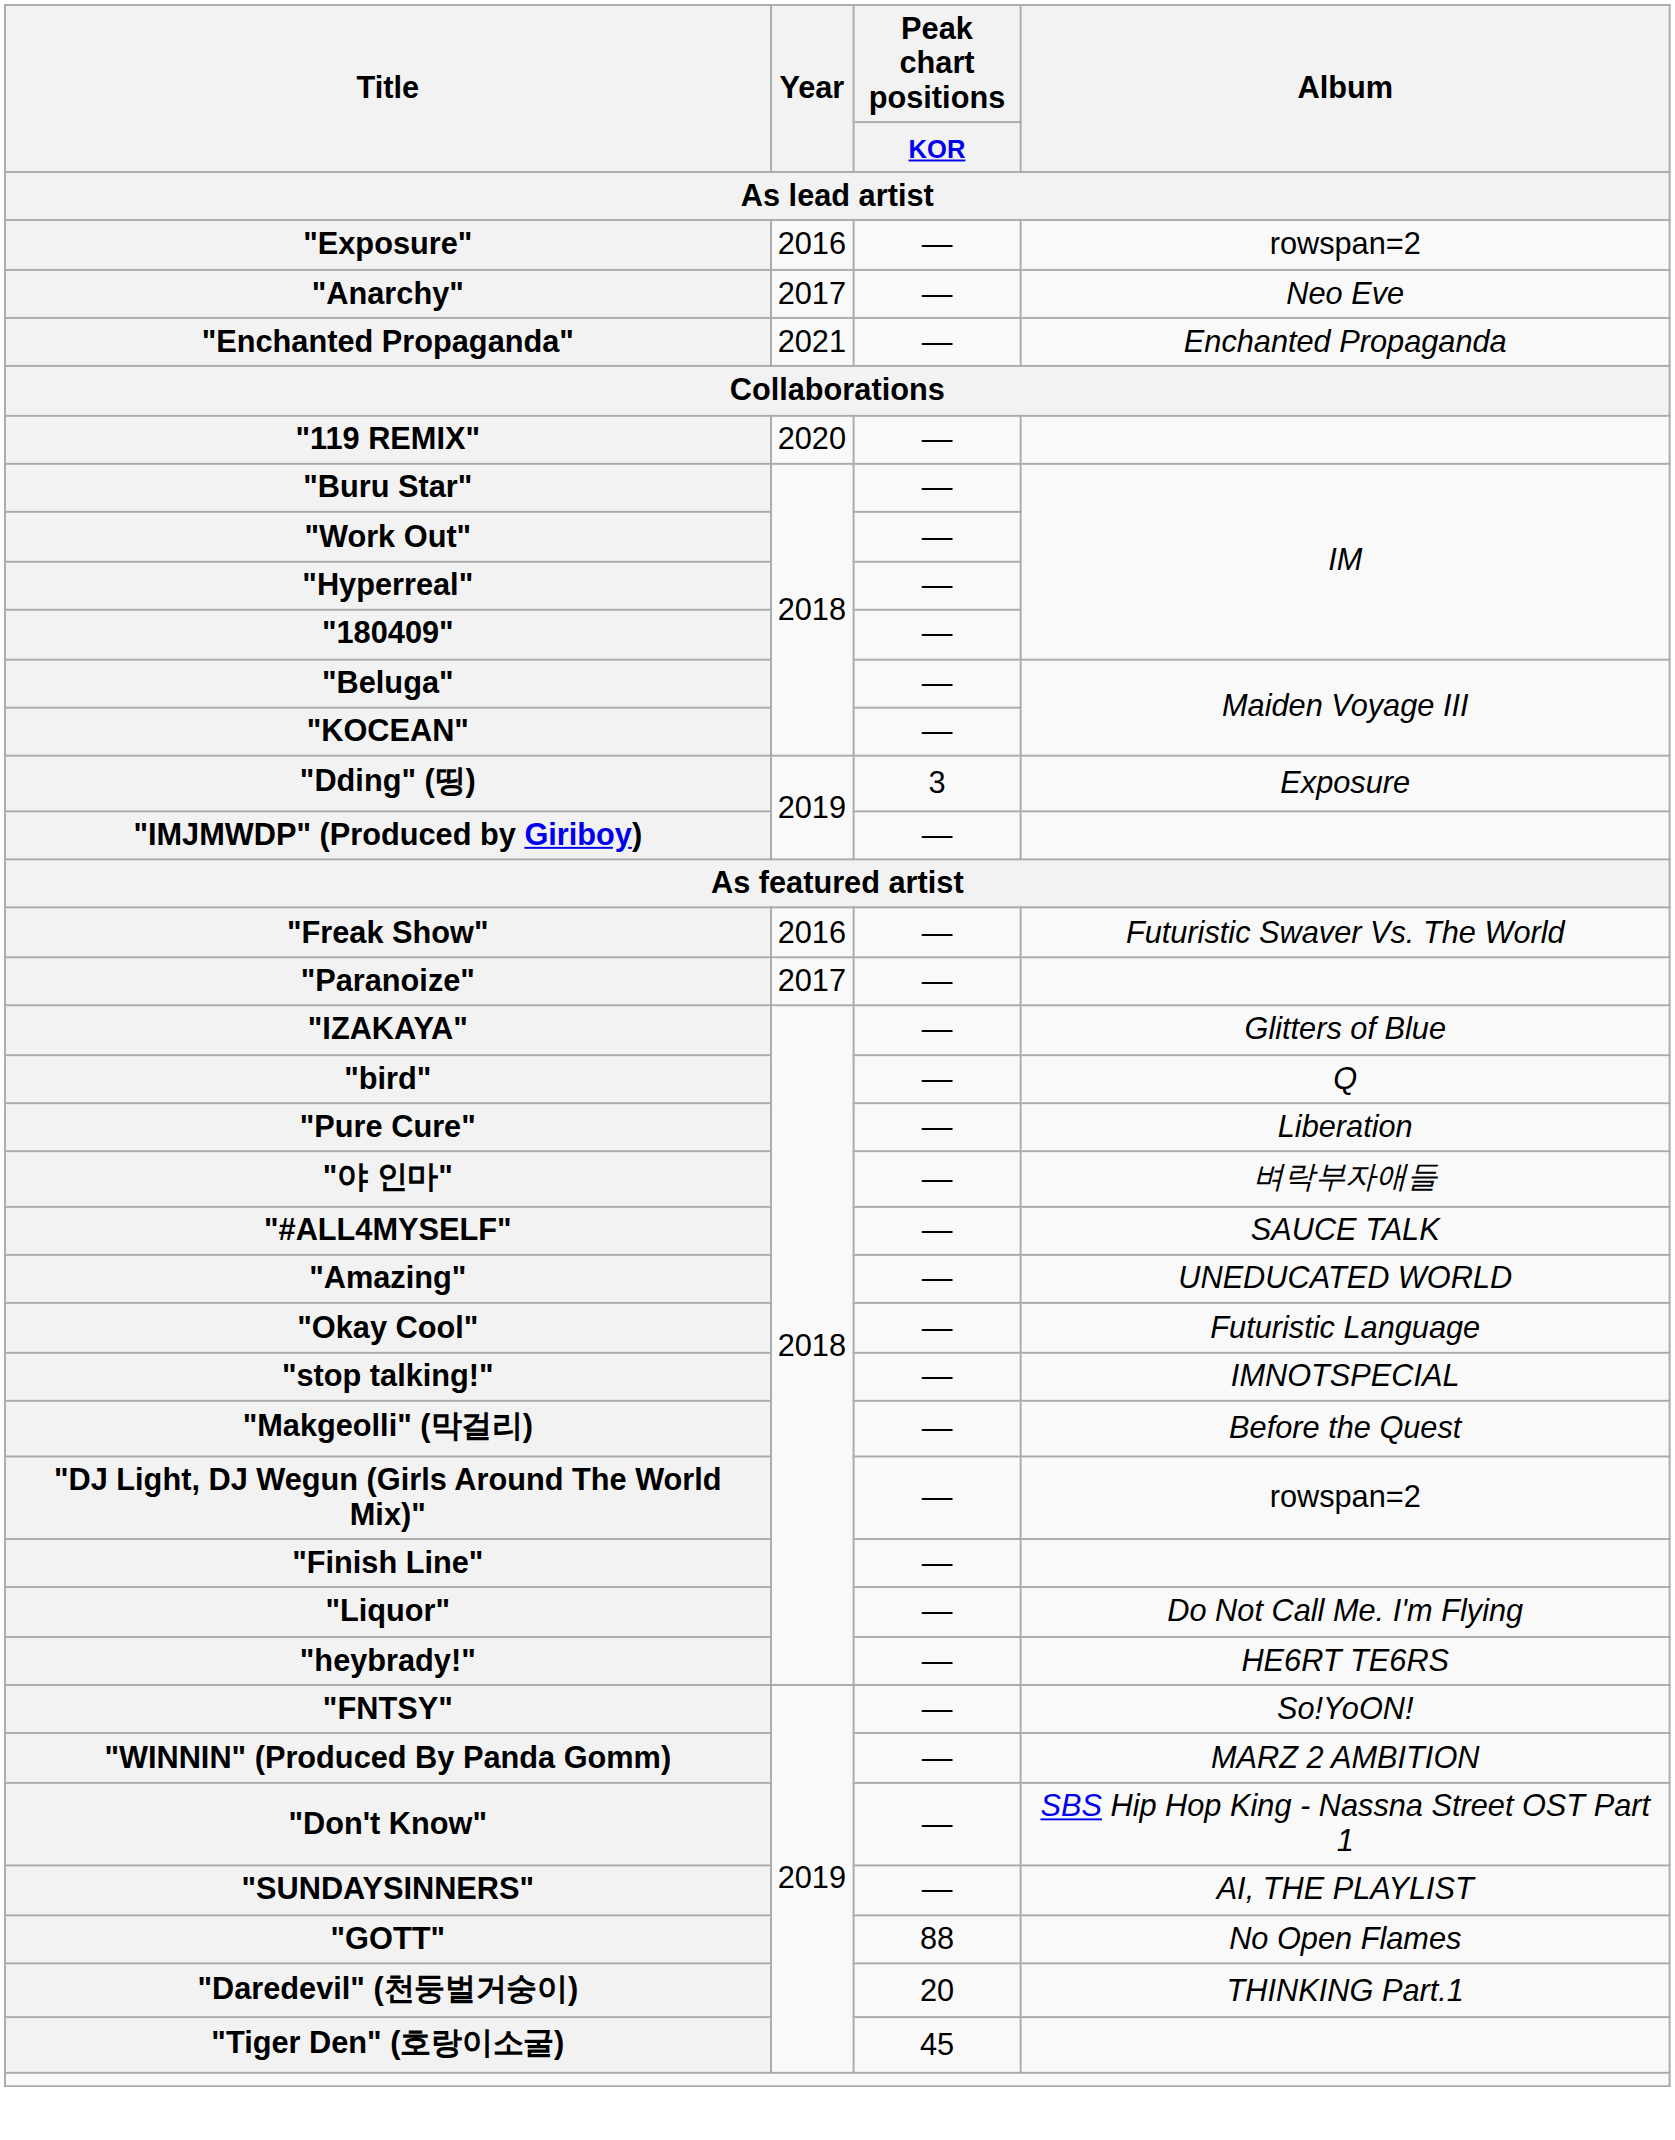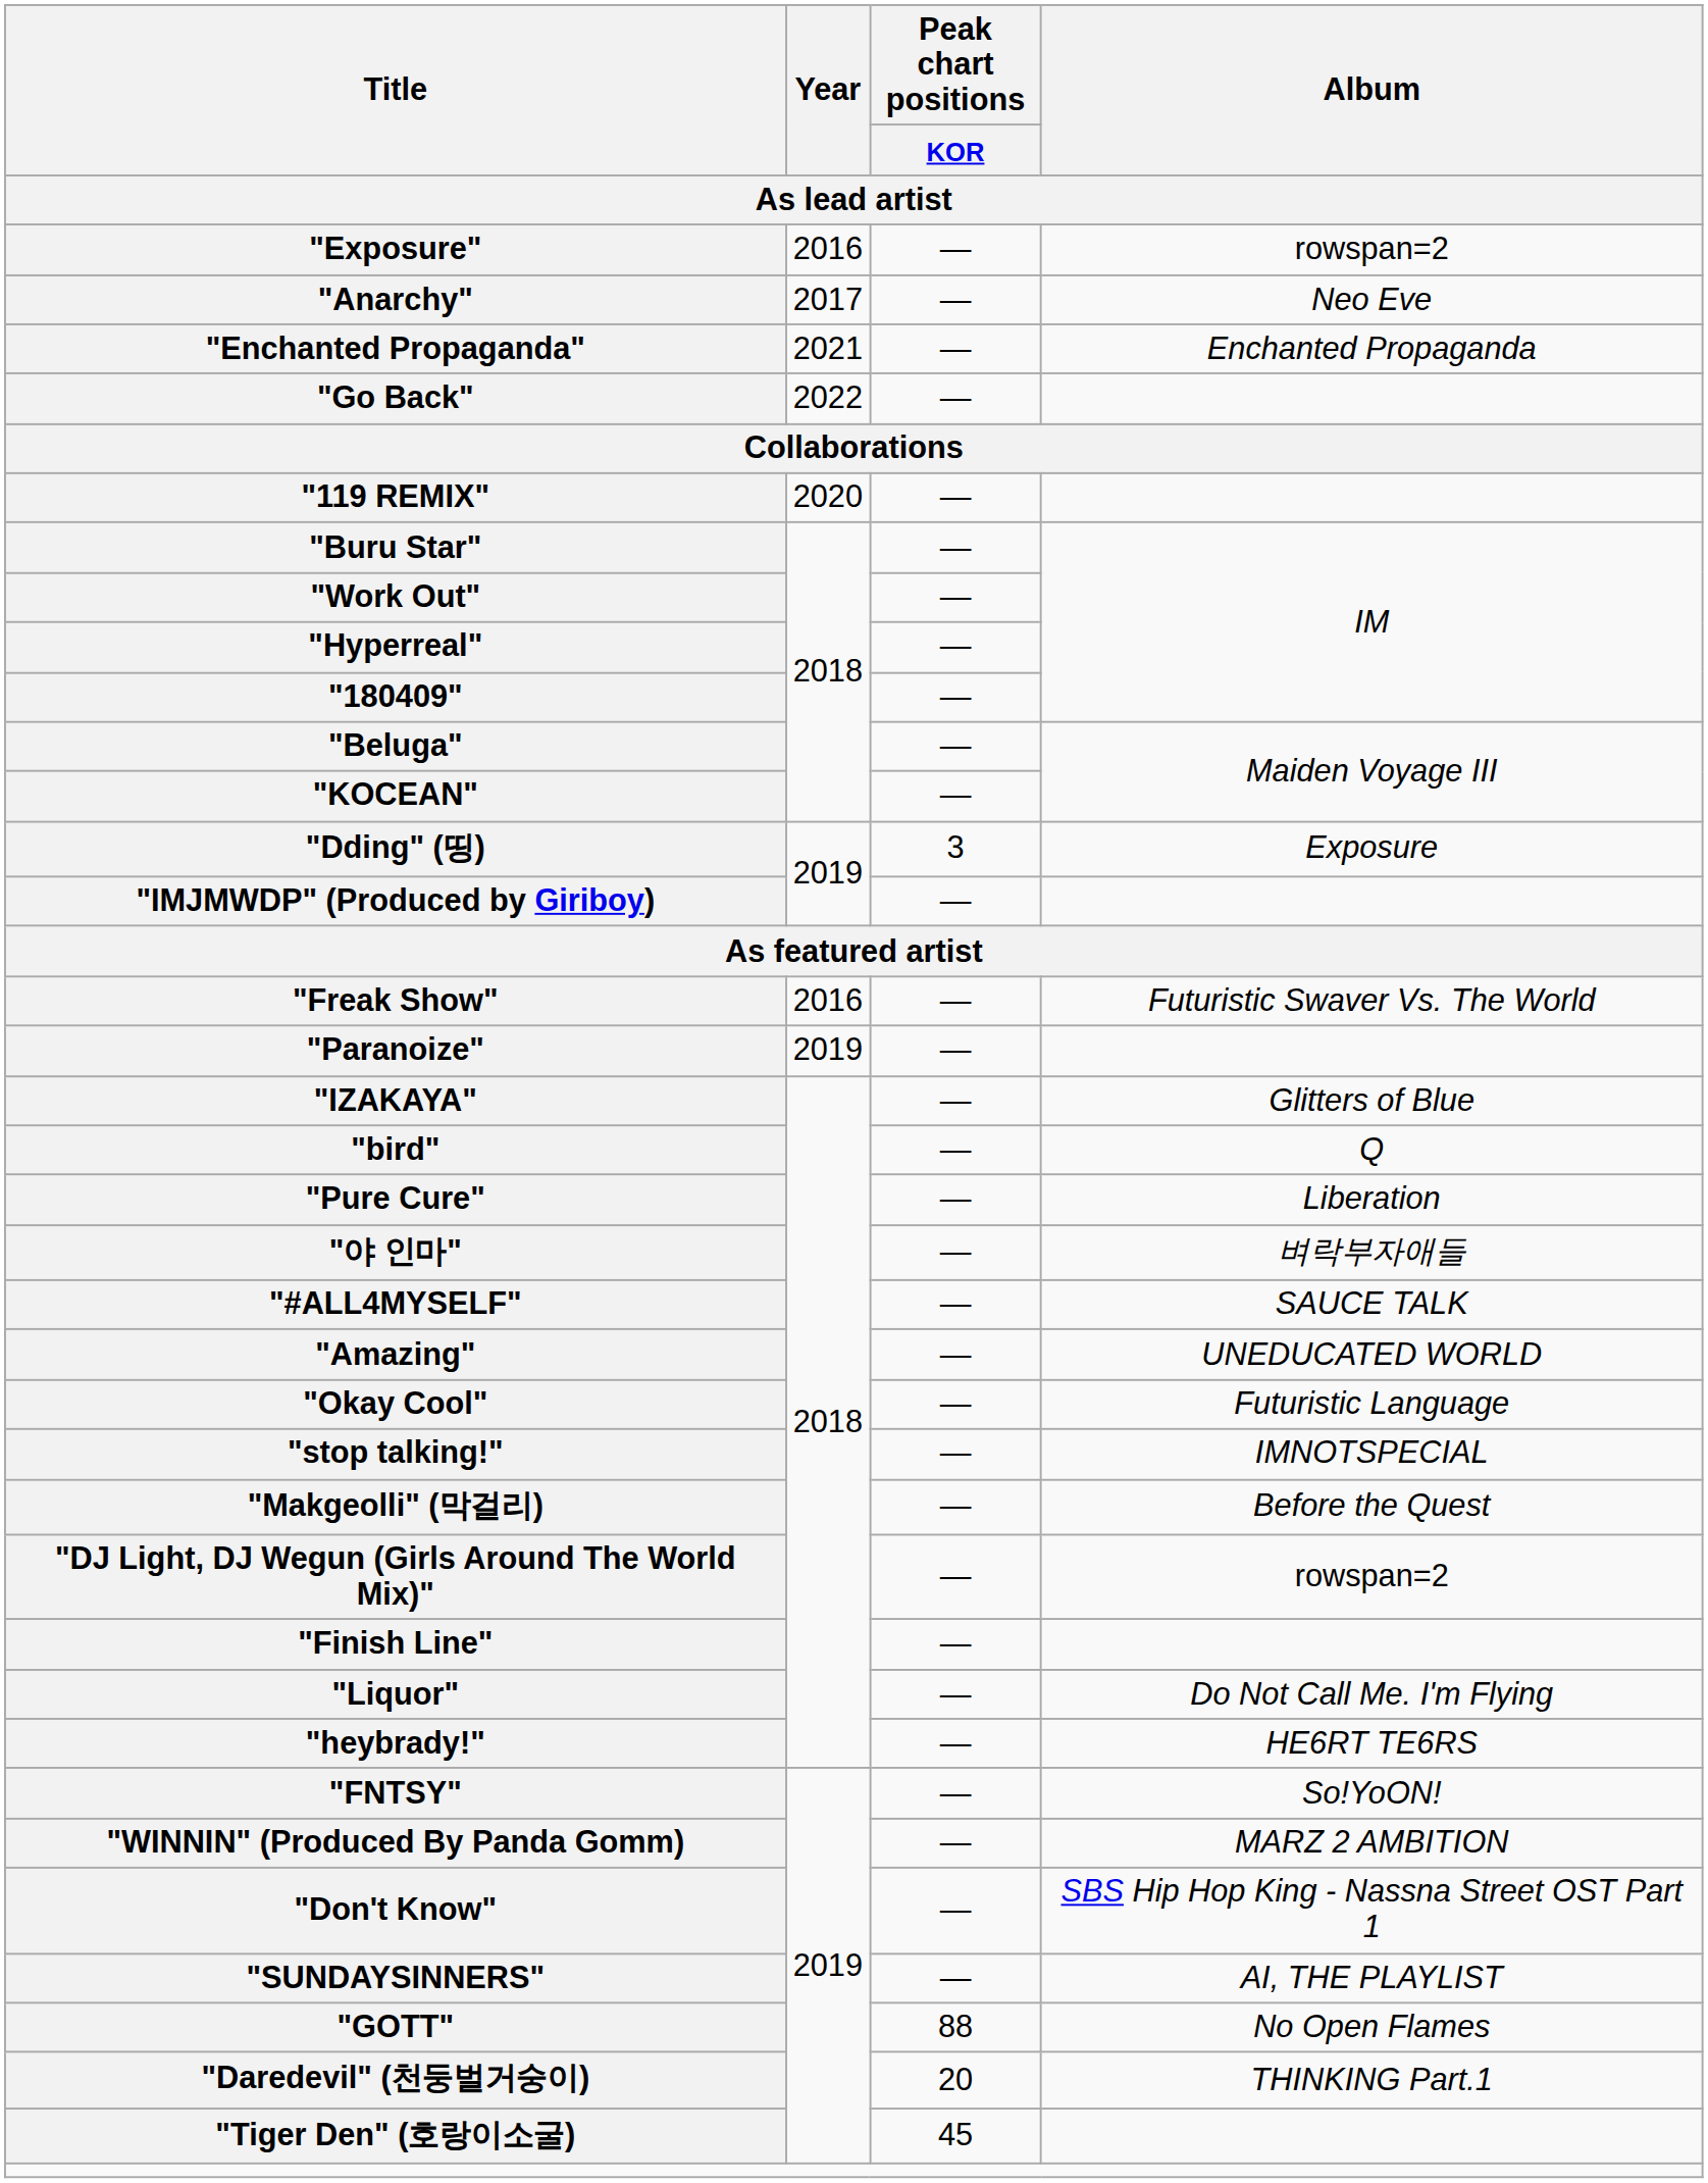 <table class="wikitable plainrowheaders" style="text-align:center;">
 <tr>
 <th scope="col" rowspan="2">Title</th>
 <th scope="col" rowspan="2">Year</th>
 <th scope="col" colspan="1" style="width:5em;">Peak chart positions</th>
 <th scope="col" rowspan="2">Album</th>
 </tr>
 <tr>
 <th><small><a href='#'>KOR</a></small><br></th>
 </tr>
 <tr>
 <th scope="col" colspan="4">As lead artist</th>
 </tr>
 <tr>
 <th scope="row">"Exposure"<br></th>
 <td>2016</td>
 <td>—</td>
 <td>rowspan=2 <em></em></td>
 </tr>
 <tr>
 <th scope="row">"Anarchy"</th>
 <td>2017</td>
 <td>—</td>
 <td><em>Neo Eve</em></td>
 </tr>
 <tr>
 <th scope="row">"Enchanted Propaganda"</th>
 <td>2021</td>
 <td>—</td>
 <td><em>Enchanted Propaganda</em></td>
+</tr>
+<tr>
+<th scope="row">"Go Back"</th>
+<td>2022</td>
+<td>—</td>
+<td></td>
 </tr>
 <tr>
 <th scope="col" colspan="4">Collaborations</th>
 </tr>
 <tr>
 <th scope="row">"119 REMIX" <br></th>
 <td>2020</td>
 <td>—</td>
 <td><em></em></td>
 </tr>
 <tr>
 <th scope="row">"Buru Star" <br></th>
 <td rowspan=6>2018</td>
 <td>—</td>
 <td rowspan=4><em>IM</em></td>
 </tr>
 <tr>
 <th scope="row">"Work Out" <br></th>
 <td>—</td>
 </tr>
 <tr>
 <th scope="row">"Hyperreal" <br></th>
 <td>—</td>
 </tr>
 <tr>
 <th scope="row">"180409" <br></th>
 <td>—</td>
 </tr>
 <tr>
 <th scope="row">"Beluga" <br></th>
 <td>—</td>
 <td rowspan=2><em>Maiden Voyage III</em></td>
 </tr>
 <tr>
 <th scope="row">"KOCEAN" <br></th>
 <td>—</td>
 </tr>
 <tr>
 <th scope="row">"Dding" (띵)<br></th>
 <td rowspan=2>2019</td>
 <td>3</td>
 <td><em>Exposure</em></td>
 </tr>
 <tr>
 <th scope="row">"IMJMWDP" (Produced by <a href='#'>Giriboy</a>)<br></th>
 <td>—</td>
 </tr>
 <tr>
 <th scope="col" colspan="4">As featured artist</th>
 </tr>
 <tr>
 <th scope="row">"Freak Show" <br></th>
 <td>2016</td>
 <td>—</td>
 <td><em>Futuristic Swaver Vs. The World</em></td>
 </tr>
 <tr>
 <th scope="row">"Paranoize" <br></th>
-<td>2017</td>
+<td>2019</td>
 <td>—</td>
 <td><em></em></td>
 </tr>
 <tr>
 <th scope="row">"IZAKAYA" <br></th>
 <td rowspan=13>2018</td>
 <td>—</td>
 <td><em>Glitters of Blue</em></td>
 </tr>
 <tr>
 <th scope="row">"bird" <br></th>
 <td>—</td>
 <td><em>Q</em></td>
 </tr>
 <tr>
 <th scope="row">"Pure Cure" <br></th>
 <td>—</td>
 <td><em>Liberation</em></td>
 </tr>
 <tr>
 <th scope="row">"야 인마" <br></th>
 <td>—</td>
 <td><em>벼락부자애들</em></td>
 </tr>
 <tr>
 <th scope="row">"#ALL4MYSELF" <br></th>
 <td>—</td>
 <td><em>SAUCE TALK</em></td>
 </tr>
 <tr>
 <th scope="row">"Amazing" <br></th>
 <td>—</td>
 <td><em>UNEDUCATED WORLD</em></td>
 </tr>
 <tr>
 <th scope="row">"Okay Cool" <br></th>
 <td>—</td>
 <td><em>Futuristic Language</em></td>
 </tr>
 <tr>
 <th scope="row">"stop talking!" <br></th>
 <td>—</td>
 <td><em>IMNOTSPECIAL</em></td>
 </tr>
 <tr>
 <th scope="row">"Makgeolli" (막걸리) <br></th>
 <td>—</td>
 <td><em>Before the Quest</em></td>
 </tr>
 <tr>
 <th scope="row">"DJ Light, DJ Wegun (Girls Around The World Mix)" <br></th>
 <td>—</td>
 <td>rowspan=2 <em></em></td>
 </tr>
 <tr>
 <th scope="row">"Finish Line" <br></th>
 <td>—</td>
 </tr>
 <tr>
 <th scope="row">"Liquor" <br></th>
 <td>—</td>
 <td><em>Do Not Call Me. I'm Flying</em></td>
 </tr>
 <tr>
 <th scope="row">"heybrady!" <br></th>
 <td>—</td>
 <td><em>HE6RT TE6RS</em></td>
 </tr>
 <tr>
 <th scope="row">"FNTSY" <br></th>
 <td rowspan=7>2019</td>
 <td>—</td>
 <td><em>So!YoON!</em></td>
 </tr>
 <tr>
 <th scope="row">"WINNIN" (Produced By Panda Gomm) <br></th>
 <td>—</td>
 <td><em>MARZ 2 AMBITION</em></td>
 </tr>
 <tr>
 <th scope="row">"Don't Know" <br></th>
 <td>—</td>
 <td><em><a href='#'>SBS</a> Hip Hop King - Nassna Street OST Part 1</em></td>
 </tr>
 <tr>
 <th scope="row">"SUNDAYSINNERS" <br></th>
 <td>—</td>
 <td><em>AI, THE PLAYLIST</em></td>
 </tr>
 <tr>
 <th scope="row">"GOTT" <br></th>
 <td>88</td>
 <td><em>No Open Flames</em></td>
 </tr>
 <tr>
 <th scope="row">"Daredevil" (천둥벌거숭이) <br></th>
 <td>20</td>
 <td><em>THINKING Part.1</em></td>
 </tr>
 <tr>
 <th scope="row">"Tiger Den" (호랑이소굴) <br></th>
 <td>45</td>
 <td><em></em></td>
 </tr>
 <tr>
 <td colspan="4"></td>
 </tr>
 </table>
